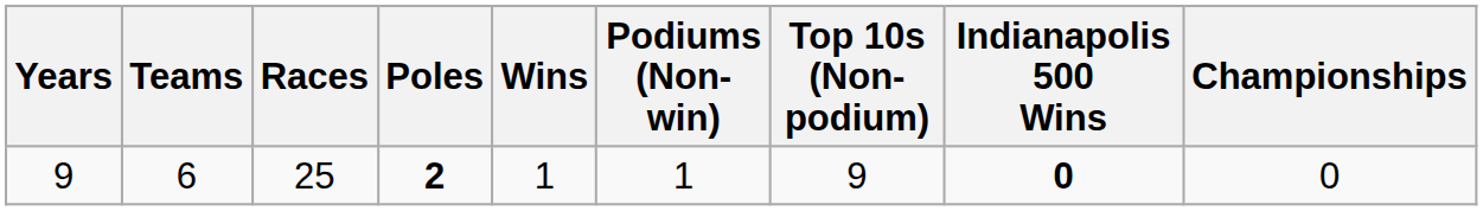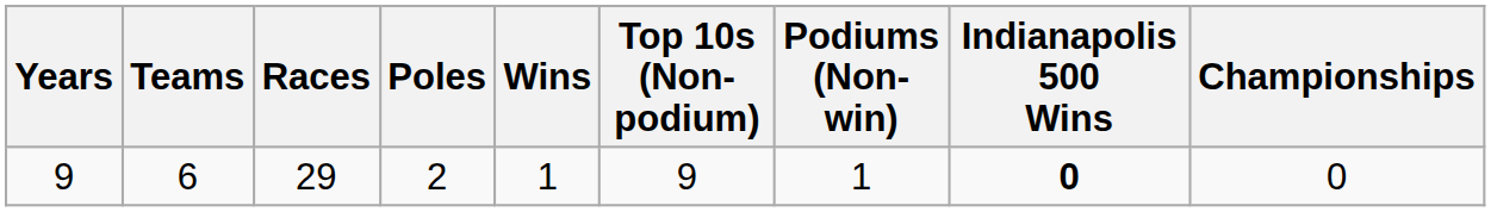 <table class="wikitable" style="text-align:center; font-size:95%">
 <tr>
 <th>Years</th>
 <th>Teams</th>
 <th>Races</th>
 <th>Poles</th>
 <th>Wins</th>
+<th>Top 10s<br>(Non-podium)</th>
 <th>Podiums<br>(Non-win)</th>
-<th>Top 10s<br>(Non-podium)</th>
 <th>Indianapolis 500<br>Wins</th>
 <th>Championships</th>
 </tr>
 <tr>
 <td>9</td>
 <td>6</td>
-<td>25</td>
-<td><strong>2</strong></td>
-<td>1</td>
+<td>29</td>
+<td>2</td>
 <td>1</td>
 <td>9</td>
+<td>1</td>
 <td><strong>0</strong></td>
 <td>0</td>
 </tr>
 </table>
